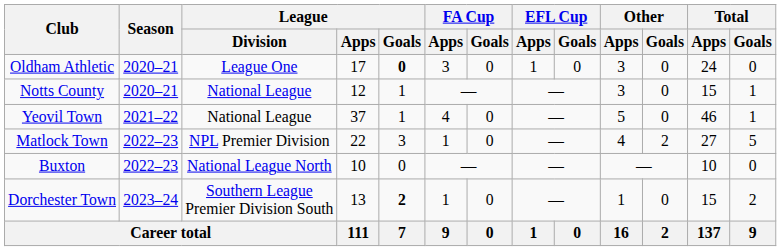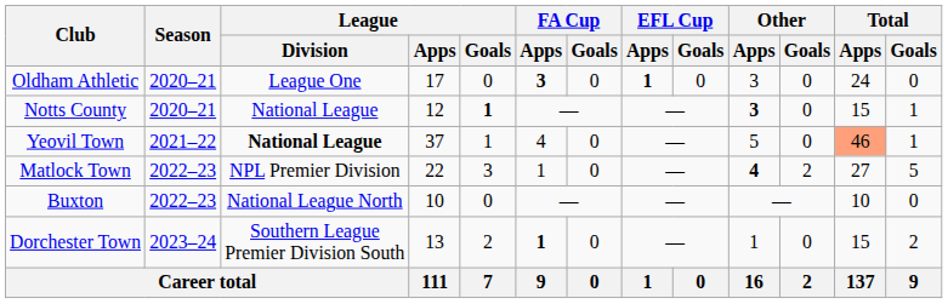 <table class=wikitable style="text-align: center">
 <tr>
 <th rowspan=2>Club</th>
 <th rowspan=2>Season</th>
 <th colspan=3>League</th>
 <th colspan=2><a href='#'>FA Cup</a></th>
 <th colspan=2><a href='#'>EFL Cup</a></th>
 <th colspan=2>Other</th>
 <th colspan=2>Total</th>
 </tr>
 <tr>
 <th>Division</th>
 <th>Apps</th>
 <th>Goals</th>
 <th>Apps</th>
 <th>Goals</th>
 <th>Apps</th>
 <th>Goals</th>
 <th>Apps</th>
 <th>Goals</th>
 <th>Apps</th>
 <th>Goals</th>
 </tr>
 <tr>
 <td><a href='#'>Oldham Athletic</a></td>
 <td><a href='#'>2020–21</a></td>
 <td><a href='#'>League One</a></td>
 <td>17</td>
-<td><strong>0</strong></td>
-<td>3</td>
 <td>0</td>
-<td>1</td>
+<td><strong>3</strong></td>
+<td>0</td>
+<td><strong>1</strong></td>
 <td>0</td>
 <td>3</td>
 <td>0</td>
 <td>24</td>
 <td>0</td>
 </tr>
 <tr>
 <td><a href='#'>Notts County</a></td>
 <td><a href='#'>2020–21</a></td>
 <td><a href='#'>National League</a></td>
 <td>12</td>
-<td>1</td>
+<td><strong>1</strong></td>
 <td colspan=2>—</td>
 <td colspan=2>—</td>
-<td>3</td>
+<td><strong>3</strong></td>
 <td>0</td>
 <td>15</td>
 <td>1</td>
 </tr>
 <tr>
 <td><a href='#'>Yeovil Town</a></td>
 <td><a href='#'>2021–22</a></td>
-<td>National League</td>
+<td><strong>National League</strong></td>
 <td>37</td>
 <td>1</td>
 <td>4</td>
 <td>0</td>
 <td colspan=2>—</td>
 <td>5</td>
 <td>0</td>
-<td>46</td>
+<td style="background: lightsalmon;">46</td>
 <td>1</td>
 </tr>
 <tr>
 <td><a href='#'>Matlock Town</a></td>
 <td><a href='#'>2022–23</a></td>
 <td><a href='#'>NPL</a> Premier Division</td>
 <td>22</td>
 <td>3</td>
 <td>1</td>
 <td>0</td>
 <td colspan="2">—</td>
-<td>4</td>
+<td><strong>4</strong></td>
 <td>2</td>
 <td>27</td>
 <td>5</td>
 </tr>
 <tr>
 <td><a href='#'>Buxton</a></td>
 <td><a href='#'>2022–23</a></td>
 <td><a href='#'>National League North</a></td>
 <td>10</td>
 <td>0</td>
 <td colspan=2>—</td>
 <td colspan=2>—</td>
 <td colspan=2>—</td>
 <td>10</td>
 <td>0</td>
 </tr>
 <tr>
 <td><a href='#'>Dorchester Town</a></td>
 <td><a href='#'>2023–24</a></td>
 <td><a href='#'>Southern League</a><br>Premier Division South</td>
 <td>13</td>
-<td><strong>2</strong></td>
-<td>1</td>
+<td>2</td>
+<td><strong>1</strong></td>
 <td>0</td>
 <td colspan=2>—</td>
 <td>1</td>
 <td>0</td>
 <td>15</td>
 <td>2</td>
 </tr>
 <tr>
 <th colspan=3>Career total</th>
 <th>111</th>
 <th>7</th>
 <th>9</th>
 <th>0</th>
 <th>1</th>
 <th>0</th>
 <th>16</th>
 <th>2</th>
 <th>137</th>
 <th>9</th>
 </tr>
 </table>
